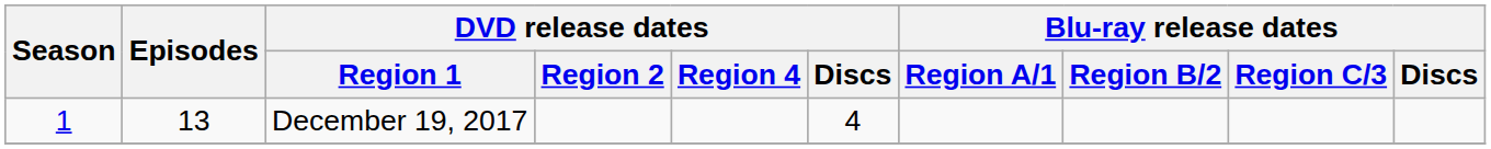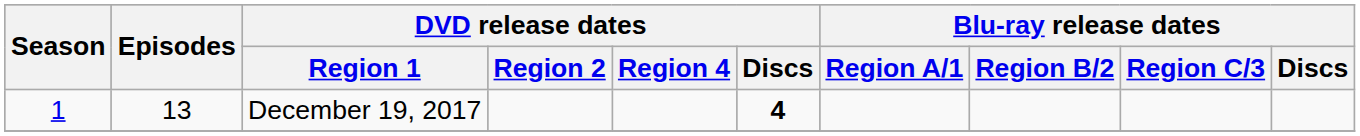 <table class="wikitable plainrowheaders" style="text-align: center;">
 <tr>
 <th scope="col" rowspan="2">Season</th>
 <th scope="col" rowspan="2">Episodes</th>
 <th scope="col" colspan="4"><a href='#'>DVD</a> release dates</th>
 <th scope="col" colspan="4"><a href='#'>Blu-ray</a> release dates</th>
 </tr>
 <tr>
 <th scope="col"><a href='#'>Region 1</a></th>
 <th scope="col"><a href='#'>Region 2</a></th>
 <th scope="col"><a href='#'>Region 4</a></th>
 <th scope="col">Discs</th>
 <th scope="col"><a href='#'>Region A/1</a></th>
 <th scope="col"><a href='#'>Region B/2</a></th>
 <th scope="col"><a href='#'>Region C/3</a></th>
 <th scope="col">Discs</th>
 </tr>
 <tr>
 <td scope="row"><a href='#'>1</a></td>
 <td>13</td>
 <td>December 19, 2017</td>
 <td></td>
 <td></td>
-<td>4</td>
+<td><strong>4</strong></td>
 <td></td>
 <td></td>
 <td></td>
 <td></td>
 </tr>
 <tr>
 </tr>
 </table>
